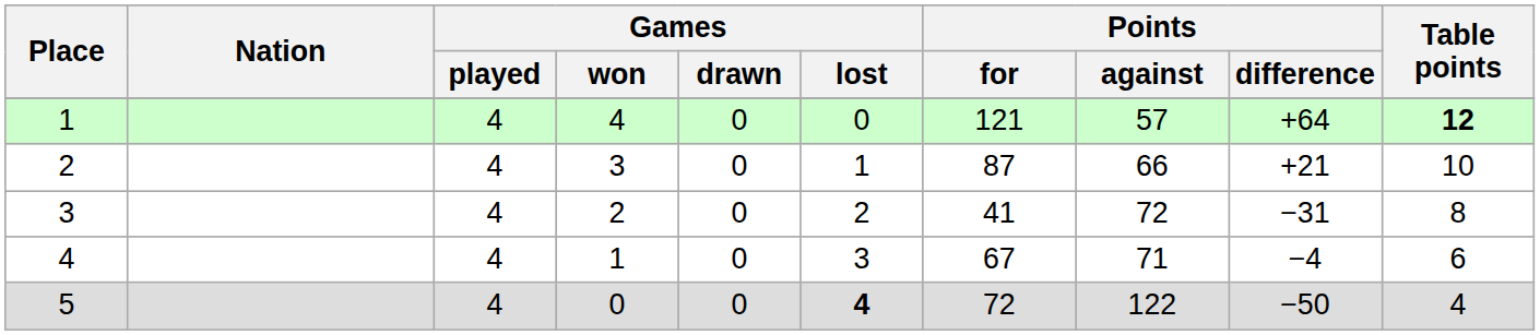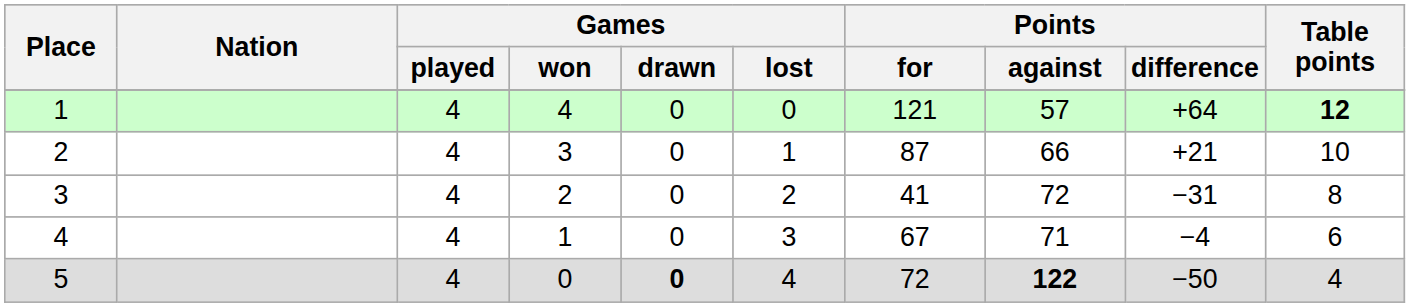 <table class="wikitable">
 <tr>
 <th rowspan=2 width="8%">Place</th>
 <th rowspan=2 width="20%">Nation</th>
 <th colspan=4 width="32%">Games</th>
 <th colspan=3 width="30%">Points</th>
 <th rowspan=2 width="10%">Table<br>points</th>
 </tr>
 <tr>
 <th width="8%">played</th>
 <th width="8%">won</th>
 <th width="8%">drawn</th>
 <th width="8%">lost</th>
 <th width="10%">for</th>
 <th width="10%">against</th>
 <th width="10%">difference</th>
 </tr>
 <tr>
 </tr>
 <tr bgcolor=#ccffcc align=center>
 <td>1</td>
 <td align=left></td>
 <td>4</td>
 <td>4</td>
 <td>0</td>
 <td>0</td>
 <td>121</td>
 <td>57</td>
 <td>+64</td>
 <td><strong>12</strong></td>
 </tr>
 <tr bgcolor=#ffffff align=center>
 <td>2</td>
 <td align=left></td>
 <td>4</td>
 <td>3</td>
 <td>0</td>
 <td>1</td>
 <td>87</td>
 <td>66</td>
 <td>+21</td>
 <td>10</td>
 </tr>
 <tr bgcolor=#ffffff align=center>
 <td>3</td>
 <td align=left></td>
 <td>4</td>
 <td>2</td>
 <td>0</td>
 <td>2</td>
 <td>41</td>
 <td>72</td>
 <td>−31</td>
 <td>8</td>
 </tr>
 <tr bgcolor=#ffffff align=center>
 <td>4</td>
 <td align=left></td>
 <td>4</td>
 <td>1</td>
 <td>0</td>
 <td>3</td>
 <td>67</td>
 <td>71</td>
 <td>−4</td>
 <td>6</td>
 </tr>
 <tr bgcolor=#dddddd align=center>
 <td>5</td>
 <td align=left><strong><em></td>
 <td>4</td>
 <td>0</td>
-<td>0</td>
-<td><strong>4</strong></td>
+<td><strong>0</strong></td>
+<td>4</td>
 <td>72</td>
-<td>122</td>
+<td><strong>122</strong></td>
 <td>−50</td>
 <td>4</td>
 </tr>
 </table>
